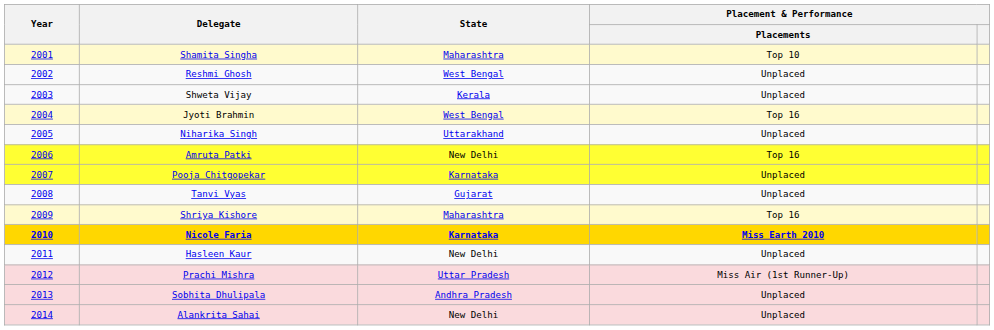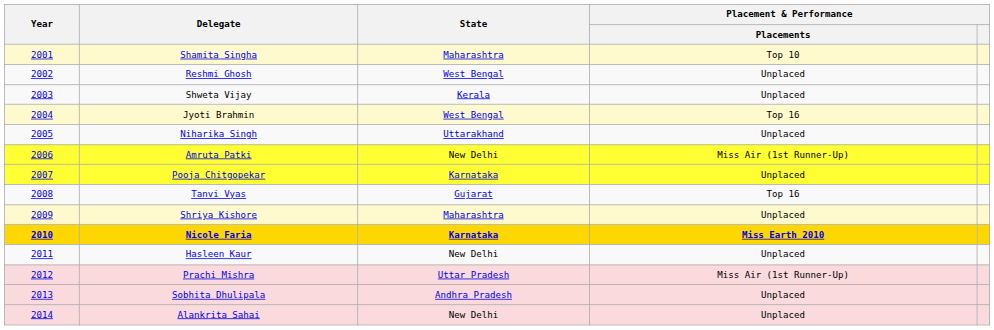 <table class="wikitable" style="text-align:center; line-height:20px; font-size:90%; width:100%;">
 <tr>
 <th rowspan="2">Year</th>
 <th rowspan="2">Delegate</th>
 <th rowspan="2">State</th>
 <th colspan="2">Placement & Performance</th>
 </tr>
 <tr>
 <th>Placements</th>
 <th></th>
 </tr>
 <tr style="background:#FFFACD;">
 <td><a href='#'>2001</a></td>
 <td><a href='#'>Shamita Singha</a></td>
 <td><a href='#'>Maharashtra</a></td>
 <td>Top 10</td>
 <td style="background:;"></td>
 </tr>
 <tr>
 <td><a href='#'>2002</a></td>
 <td><a href='#'>Reshmi Ghosh</a></td>
 <td><a href='#'>West Bengal</a></td>
 <td>Unplaced</td>
 <td></td>
 </tr>
 <tr>
 <td><a href='#'>2003</a></td>
 <td>Shweta Vijay</td>
 <td><a href='#'>Kerala</a></td>
 <td>Unplaced</td>
 <td></td>
 </tr>
 <tr style="background:#FFFACD;">
 <td><a href='#'>2004</a></td>
 <td>Jyoti Brahmin</td>
 <td><a href='#'>West Bengal</a></td>
 <td>Top 16</td>
 <td></td>
 </tr>
 <tr>
 <td><a href='#'>2005</a></td>
 <td><a href='#'>Niharika Singh</a></td>
 <td><a href='#'>Uttarakhand</a></td>
 <td>Unplaced</td>
 <td></td>
 </tr>
 <tr style="background-color:#FFFF33;">
 <td><a href='#'>2006</a></td>
 <td><a href='#'>Amruta Patki</a></td>
 <td>New Delhi</td>
-<td>Top 16</td>
+<td>Miss Air (1st Runner-Up)</td>
 <td style="background:;"></td>
 </tr>
 <tr style="background-color:#FFFF33;">
 <td><a href='#'>2007</a></td>
 <td><a href='#'>Pooja Chitgopekar</a></td>
 <td><a href='#'>Karnataka</a></td>
 <td>Unplaced</td>
 <td></td>
 </tr>
 <tr>
 <td><a href='#'>2008</a></td>
 <td><a href='#'>Tanvi Vyas</a></td>
 <td><a href='#'>Gujarat</a></td>
-<td>Unplaced</td>
+<td>Top 16</td>
 <td></td>
 </tr>
 <tr style="background:#FFFACD;">
 <td><a href='#'>2009</a></td>
 <td><a href='#'>Shriya Kishore</a></td>
 <td><a href='#'>Maharashtra</a></td>
-<td>Top 16</td>
+<td>Unplaced</td>
 <td></td>
 </tr>
 <tr style="background-color:gold;">
 <td><a href='#'><strong>2010</strong></a></td>
 <td><strong><a href='#'>Nicole Faria</a></strong></td>
 <td><strong><a href='#'>Karnataka</a></strong></td>
 <td style="text-align:center;"><strong><a href='#'>Miss Earth 2010</a></strong></td>
 <td style="background:;"></td>
 </tr>
 <tr>
 <td><a href='#'>2011</a></td>
 <td><a href='#'>Hasleen Kaur</a></td>
 <td>New Delhi</td>
 <td>Unplaced</td>
 <td></td>
 </tr>
 <tr style="background-color:#FADADD;: bold">
 <td><a href='#'>2012</a></td>
 <td><a href='#'>Prachi Mishra</a></td>
 <td><a href='#'>Uttar Pradesh</a></td>
 <td>Miss Air (1st Runner-Up)</td>
 <td style="background:;"></td>
 </tr>
 <tr style="background-color:#FADADD;">
 <td><a href='#'>2013</a></td>
 <td><a href='#'>Sobhita Dhulipala</a></td>
 <td><a href='#'>Andhra Pradesh</a></td>
 <td>Unplaced</td>
 <td style="background:;"></td>
 </tr>
 <tr style="background-color:#FADADD;">
 <td><a href='#'>2014</a></td>
 <td><a href='#'>Alankrita Sahai</a></td>
 <td>New Delhi</td>
 <td>Unplaced</td>
 <td style="background:;"></td>
 </tr>
 </table>
